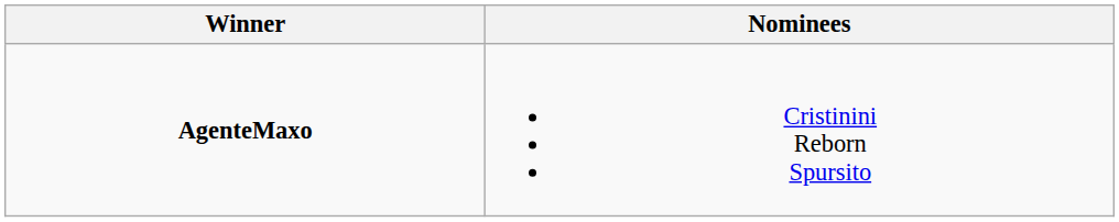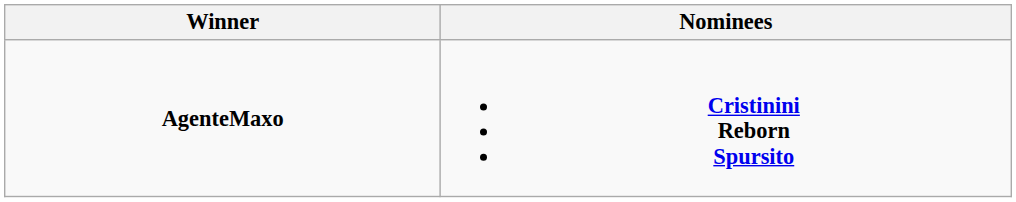 <table class="wikitable" style="text-align:center;">
 <tr>
 <th scope="col" style="width:19em;">Winner</th>
 <th scope="col" style="width:25em;">Nominees</th>
 </tr>
 <tr>
 <td><strong> AgenteMaxo</strong></td>
-<td><br><ul><li> <a href='#'>Cristinini</a></li><li> Reborn</li><li> <a href='#'>Spursito</a></li></ul></td>
+<td><strong><br><ul><li> <a href='#'>Cristinini</a></li><li> Reborn</li><li> <a href='#'>Spursito</a></li></ul></strong></td>
 </tr>
 </table>
